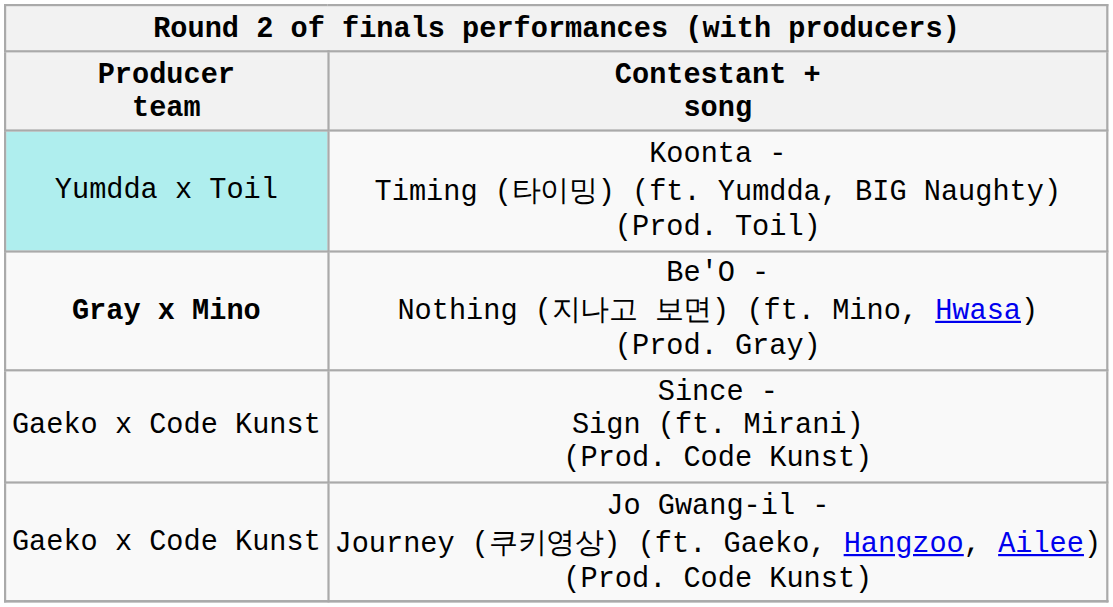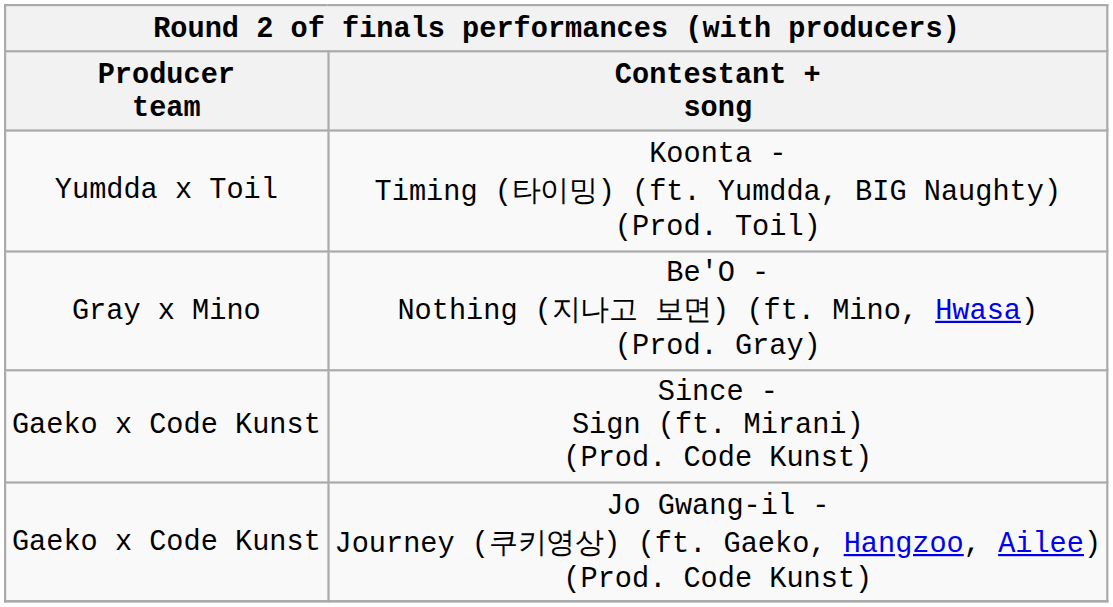 <table class="wikitable" style="text-align:center" border="2">
 <tr>
 <th colspan="4">Round 2 of finals performances (with producers)</th>
 </tr>
 <tr>
 <th>Producer <br> team</th>
 <th>Contestant + <br> song</th>
 </tr>
 <tr>
-<td style="background: paleturquoise;">Yumdda x Toil</td>
+<td>Yumdda x Toil</td>
 <td>Koonta -<br>Timing (타이밍) (ft. Yumdda, BIG Naughty)<br>(Prod. Toil)</td>
 </tr>
 <tr>
-<td><strong>Gray x Mino</strong></td>
+<td>Gray x Mino</td>
 <td>Be'O -<br> Nothing (지나고 보면) (ft. Mino, <a href='#'>Hwasa</a>) <br>(Prod. Gray)</td>
 </tr>
 <tr>
 <td>Gaeko x Code Kunst</td>
 <td>Since -<br>Sign (ft. Mirani)<br>(Prod. Code Kunst)</td>
 </tr>
 <tr>
 <td>Gaeko x Code Kunst</td>
 <td>Jo Gwang-il - <br> Journey (쿠키영상) (ft. Gaeko, <a href='#'>Hangzoo</a>, <a href='#'>Ailee</a>)<br>(Prod. Code Kunst)</td>
 </tr>
 <tr>
 </tr>
 </table>
